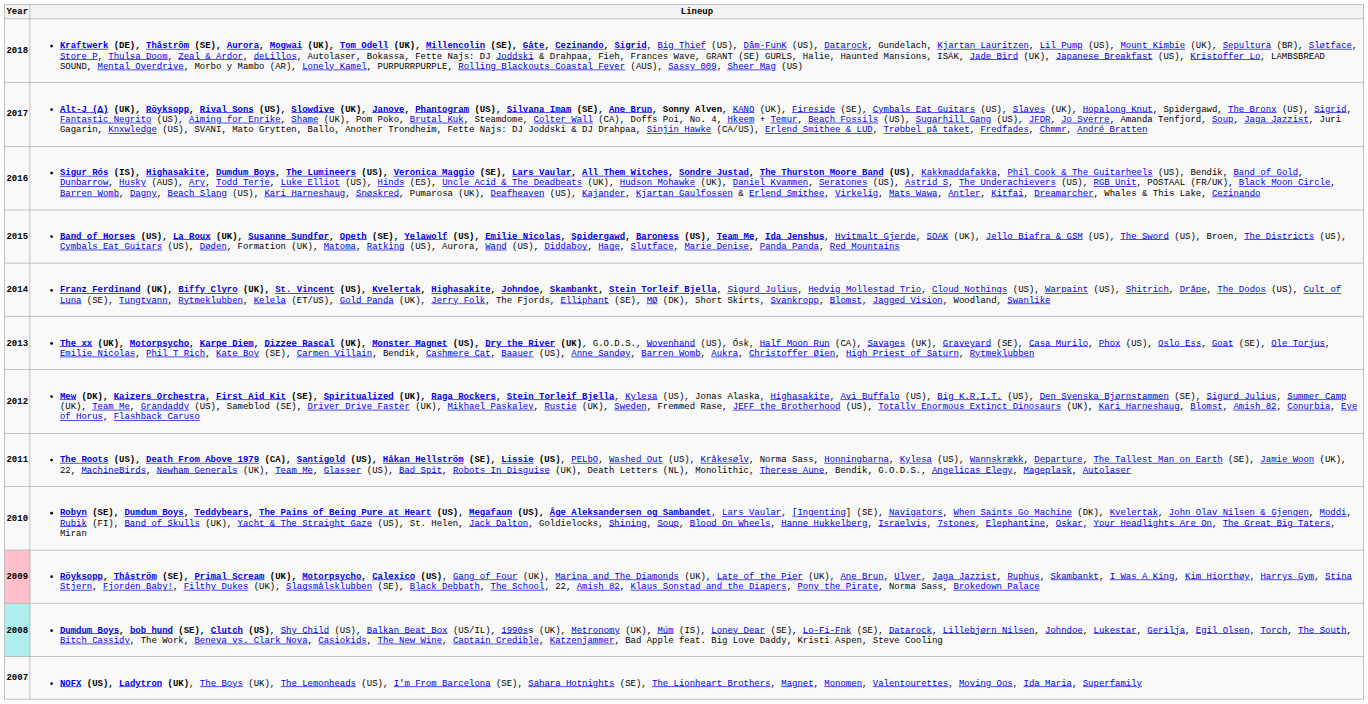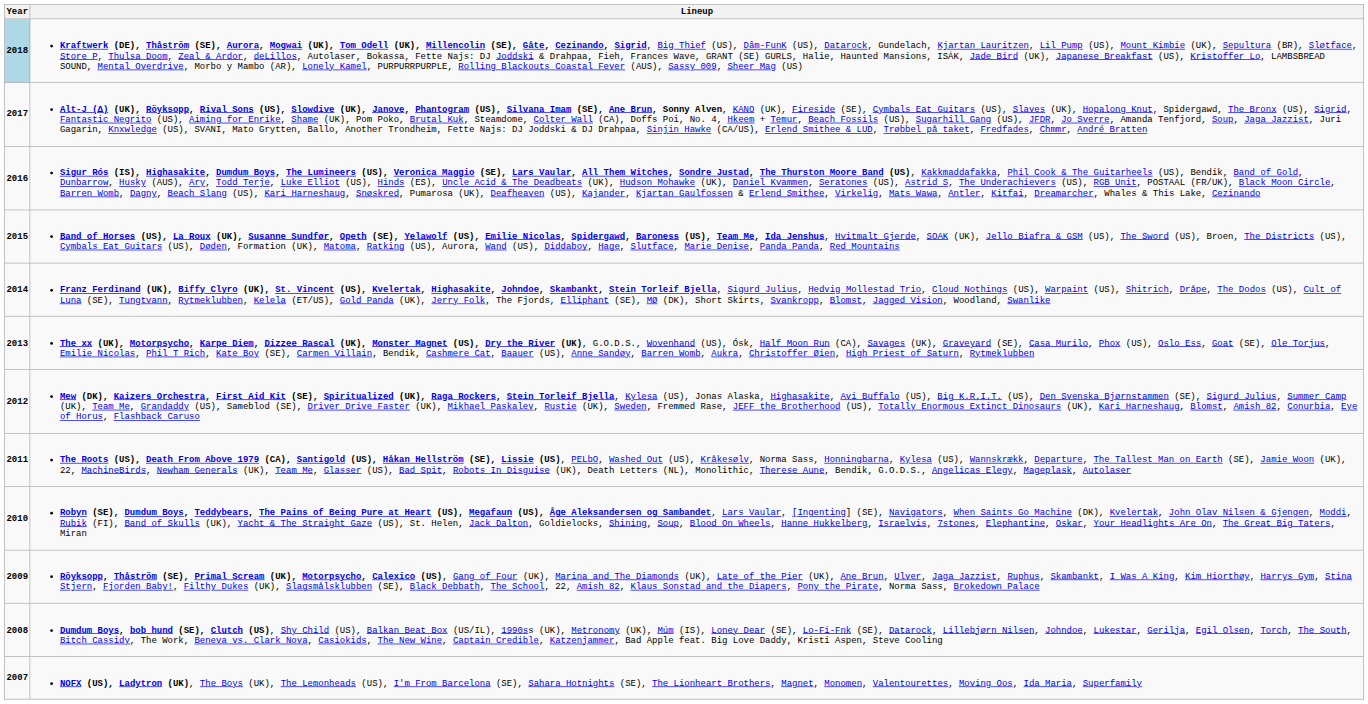 <table class="wikitable">
 <tr>
 <th>Year</th>
 <th>Lineup</th>
 </tr>
 <tr>
-<td><strong>2018</strong></td>
+<td style="background: lightblue;"><strong>2018</strong></td>
 <td><br><ul><li><strong><a href='#'>Kraftwerk</a> (DE), <a href='#'>Thåström</a> (SE), <a href='#'>Aurora</a>, <a href='#'>Mogwai</a> (UK), <a href='#'>Tom Odell</a> (UK), <a href='#'>Millencolin</a> (SE), <a href='#'>Gåte</a>, <a href='#'>Cezinando</a>, <a href='#'>Sigrid</a></strong>, <a href='#'>Big Thief</a> (US), <a href='#'>Dâm-FunK</a> (US), <a href='#'>Datarock</a>, Gundelach, <a href='#'>Kjartan Lauritzen</a>, <a href='#'>Lil Pump</a> (US), <a href='#'>Mount Kimbie</a> (UK), <a href='#'>Sepultura</a> (BR), <a href='#'>Sløtface</a>, <a href='#'>Store P</a>, <a href='#'>Thulsa Doom</a>, <a href='#'>Zeal & Ardor</a>, <a href='#'>deLillos</a>, Autolaser, Bokassa, Fette Najs: DJ <a href='#'>Joddski</a> & Drahpaa, Fieh, Frances Wave, GRANT (SE) GURLS, Halie, Haunted Mansions, ISÁK, <a href='#'>Jade Bird</a> (UK), <a href='#'>Japanese Breakfast</a> (US), <a href='#'>Kristoffer Lo</a>, LAMBSBREAD SOUND, <a href='#'>Mental Overdrive</a>, Morbo y Mambo (AR), <a href='#'>Lonely Kamel</a>, PURPURRPURPLE, <a href='#'>Rolling Blackouts Coastal Fever</a> (AUS), <a href='#'>Sassy 009</a>, <a href='#'>Sheer Mag</a> (US)</li></ul></td>
 </tr>
 <tr>
 <td><strong>2017</strong></td>
 <td><br><ul><li><strong><a href='#'>Alt-J (∆)</a> (UK), <a href='#'>Röyksopp</a>, <a href='#'>Rival Sons</a> (US), <a href='#'>Slowdive</a> (UK), <a href='#'>Janove</a>, <a href='#'>Phantogram</a> (US), <a href='#'>Silvana Imam</a> (SE), <a href='#'>Ane Brun</a>, Sonny Alven</strong>, <a href='#'>KANO</a> (UK), <a href='#'>Fireside</a> (SE), <a href='#'>Cymbals Eat Guitars</a> (US), <a href='#'>Slaves</a> (UK), <a href='#'>Hopalong Knut</a>, Spidergawd, <a href='#'>The Bronx</a> (US), <a href='#'>Sigrid</a>, <a href='#'>Fantastic Negrito</a> (US), <a href='#'>Aiming for Enrike</a>, <a href='#'>Shame</a> (UK), Pom Poko, <a href='#'>Brutal Kuk</a>, Steamdome, <a href='#'>Colter Wall</a> (CA), Doffs Poi, No. 4, <a href='#'>Hkeem</a> + <a href='#'>Temur</a>, <a href='#'>Beach Fossils</a> (US), <a href='#'>Sugarhill Gang</a> (US), <a href='#'>JFDR</a>, <a href='#'>Jo Sverre</a>, Amanda Tenfjord, <a href='#'>Soup</a>, <a href='#'>Jaga Jazzist</a>, Juri Gagarin, <a href='#'>Knxwledge</a> (US), SVANI, Mato Grytten, Ballo, Another Trondheim, Fette Najs: DJ Joddski & DJ Drahpaa, <a href='#'>Sinjin Hawke</a> (CA/US), <a href='#'>Erlend Smithee & LUD</a>, <a href='#'>Trøbbel på taket</a>, <a href='#'>Fredfades</a>, <a href='#'>Chmmr</a>, <a href='#'>André Bratten</a></li></ul></td>
 </tr>
 <tr>
 <td><strong>2016</strong></td>
 <td><br><ul><li><strong><a href='#'>Sigur Rós</a> (IS), <a href='#'>Highasakite</a>, <a href='#'>Dumdum Boys</a>, <a href='#'>The Lumineers</a> (US), <a href='#'>Veronica Maggio</a> (SE), <a href='#'>Lars Vaular</a>, <a href='#'>All Them Witches</a>, <a href='#'>Sondre Justad</a>, <a href='#'>The Thurston Moore Band</a> (US)</strong>, <a href='#'>Kakkmaddafakka</a>, <a href='#'>Phil Cook & The Guitarheels</a> (US), Bendik, <a href='#'>Band of Gold</a>, <a href='#'>Dunbarrow</a>, <a href='#'>Husky</a> (AUS), <a href='#'>Ary</a>, <a href='#'>Todd Terje</a>, <a href='#'>Luke Elliot</a> (US), <a href='#'>Hinds</a> (ES), <a href='#'>Uncle Acid & The Deadbeats</a> (UK), <a href='#'>Hudson Mohawke</a> (UK), <a href='#'>Daniel Kvammen</a>, <a href='#'>Seratones</a> (US), <a href='#'>Astrid S</a>, <a href='#'>The Underachievers</a> (US), <a href='#'>RGB Unit</a>, POSTAAL (FR/UK), <a href='#'>Black Moon Circle</a>, <a href='#'>Barren Womb</a>, <a href='#'>Dagny</a>, <a href='#'>Beach Slang</a> (US), <a href='#'>Kari Harneshaug</a>, <a href='#'>Snøskred</a>, Pumarosa (UK), <a href='#'>Deafheaven</a> (US), <a href='#'>Kajander</a>, <a href='#'>Kjartan Gaulfossen</a> & <a href='#'>Erlend Smithee</a>, <a href='#'>Virkelig</a>, <a href='#'>Mats Wawa</a>, <a href='#'>Antler</a>, <a href='#'>Kitfai</a>, <a href='#'>Dreamarcher</a>, Whales & This Lake, <a href='#'>Cezinando</a></li></ul></td>
 </tr>
 <tr>
 <td><strong>2015</strong></td>
 <td><br><ul><li><strong><a href='#'>Band of Horses</a> (US), <a href='#'>La Roux</a> (UK), <a href='#'>Susanne Sundfør</a>, <a href='#'>Opeth</a> (SE), <a href='#'>Yelawolf</a> (US), <a href='#'>Emilie Nicolas</a>, <a href='#'>Spidergawd</a>, <a href='#'>Baroness</a> (US), <a href='#'>Team Me</a>, <a href='#'>Ida Jenshus</a></strong>, <a href='#'>Hvitmalt Gjerde</a>, <a href='#'>SOAK</a> (UK), <a href='#'>Jello Biafra & GSM</a> (US), <a href='#'>The Sword</a> (US), Broen, <a href='#'>The Districts</a> (US), <a href='#'>Cymbals Eat Guitars</a> (US), <a href='#'>Døden</a>, Formation (UK), <a href='#'>Matoma</a>, <a href='#'>Ratking</a> (US), Aurora, <a href='#'>Wand</a> (US), <a href='#'>Diddaboy</a>, <a href='#'>Hage</a>, <a href='#'>Slutface</a>, <a href='#'>Marie Denise</a>, <a href='#'>Panda Panda</a>, <a href='#'>Red Mountains</a></li></ul></td>
 </tr>
 <tr>
 <td><strong>2014</strong></td>
 <td><br><ul><li><strong><a href='#'>Franz Ferdinand</a> (UK), <a href='#'>Biffy Clyro</a> (UK), <a href='#'>St. Vincent</a> (US), <a href='#'>Kvelertak</a>, <a href='#'>Highasakite</a>, <a href='#'>Johndoe</a>, <a href='#'>Skambankt</a>, <a href='#'>Stein Torleif Bjella</a></strong>, <a href='#'>Sigurd Julius</a>, <a href='#'>Hedvig Mollestad Trio</a>, <a href='#'>Cloud Nothings</a> (US), <a href='#'>Warpaint</a> (US), <a href='#'>Shitrich</a>, <a href='#'>Dråpe</a>, <a href='#'>The Dodos</a> (US), <a href='#'>Cult of Luna</a> (SE), <a href='#'>Tungtvann</a>, <a href='#'>Rytmeklubben</a>, <a href='#'>Kelela</a> (ET/US), <a href='#'>Gold Panda</a> (UK), <a href='#'>Jerry Folk</a>, The Fjords, <a href='#'>Elliphant</a> (SE), <a href='#'>MØ</a> (DK), Short Skirts, <a href='#'>Svankropp</a>, <a href='#'>Blomst</a>, <a href='#'>Jagged Vision</a>, Woodland, <a href='#'>Swanlike</a></li></ul></td>
 </tr>
 <tr>
 <td><strong>2013</strong></td>
 <td><br><ul><li><strong><a href='#'>The xx</a> (UK), <a href='#'>Motorpsycho</a>, <a href='#'>Karpe Diem</a>, <a href='#'>Dizzee Rascal</a> (UK), <a href='#'>Monster Magnet</a> (US), <a href='#'>Dry the River</a> (UK)</strong>, G.O.D.S., <a href='#'>Wovenhand</a> (US), Ósk, <a href='#'>Half Moon Run</a> (CA), <a href='#'>Savages</a> (UK), <a href='#'>Graveyard</a> (SE), <a href='#'>Casa Murilo</a>, <a href='#'>Phox</a> (US), <a href='#'>Oslo Ess</a>, <a href='#'>Goat</a> (SE), <a href='#'>Ole Torjus</a>, <a href='#'>Emilie Nicolas</a>, <a href='#'>Phil T Rich</a>, <a href='#'>Kate Boy</a> (SE), <a href='#'>Carmen Villain</a>, Bendik, <a href='#'>Cashmere Cat</a>, <a href='#'>Baauer</a> (US), <a href='#'>Anne Sandøy</a>, <a href='#'>Barren Womb</a>, <a href='#'>Aukra</a>, <a href='#'>Christoffer Øien</a>, <a href='#'>High Priest of Saturn</a>, <a href='#'>Rytmeklubben</a></li></ul></td>
 </tr>
 <tr>
 <td><strong>2012</strong></td>
 <td><br><ul><li><strong><a href='#'>Mew</a> (DK), <a href='#'>Kaizers Orchestra</a>, <a href='#'>First Aid Kit</a> (SE), <a href='#'>Spiritualized</a> (UK), <a href='#'>Raga Rockers</a>, <a href='#'>Stein Torleif Bjella</a></strong>, <a href='#'>Kylesa</a> (US), Jonas Alaska, <a href='#'>Highasakite</a>, <a href='#'>Avi Buffalo</a> (US), <a href='#'>Big K.R.I.T.</a> (US), <a href='#'>Den Svenska Bjørnstammen</a> (SE), <a href='#'>Sigurd Julius</a>, <a href='#'>Summer Camp</a> (UK), <a href='#'>Team Me</a>, <a href='#'>Grandaddy</a> (US), Sameblod (SE), <a href='#'>Driver Drive Faster</a> (UK), <a href='#'>Mikhael Paskalev</a>, <a href='#'>Rustie</a> (UK), <a href='#'>Sweden</a>, Fremmed Rase, <a href='#'>JEFF the Brotherhood</a> (US), <a href='#'>Totally Enormous Extinct Dinosaurs</a> (UK), <a href='#'>Kari Harneshaug</a>, <a href='#'>Blomst</a>, <a href='#'>Amish 82</a>, <a href='#'>Conurbia</a>, <a href='#'>Eye of Horus</a>, <a href='#'>Flashback Caruso</a></li></ul></td>
 </tr>
 <tr>
 <td><strong>2011</strong></td>
 <td><br><ul><li><strong><a href='#'>The Roots</a> (US), <a href='#'>Death From Above 1979</a> (CA), <a href='#'>Santigold</a> (US), <a href='#'>Håkan Hellström</a> (SE), <a href='#'>Lissie</a> (US)</strong>, <a href='#'>PELbO</a>, <a href='#'>Washed Out</a> (US), <a href='#'>Kråkesølv</a>, Norma Sass, <a href='#'>Honningbarna</a>, <a href='#'>Kylesa</a> (US), <a href='#'>Wannskrækk</a>, <a href='#'>Departure</a>, <a href='#'>The Tallest Man on Earth</a> (SE), <a href='#'>Jamie Woon</a> (UK), 22, <a href='#'>MachineBirds</a>, <a href='#'>Newham Generals</a> (UK), <a href='#'>Team Me</a>, <a href='#'>Glasser</a> (US), <a href='#'>Bad Spit</a>, <a href='#'>Robots In Disguise</a> (UK), Death Letters (NL), Monolithic, <a href='#'>Therese Aune</a>, Bendik, G.O.D.S., <a href='#'>Angelicas Elegy</a>, <a href='#'>Mageplask</a>, <a href='#'>Autolaser</a></li></ul></td>
 </tr>
 <tr>
 <td><strong>2010</strong></td>
 <td><br><ul><li><strong><a href='#'>Robyn</a> (SE), <a href='#'>Dumdum Boys</a>, <a href='#'>Teddybears</a>, <a href='#'>The Pains of Being Pure at Heart</a> (US), <a href='#'>Megafaun</a> (US), <a href='#'>Åge Aleksandersen og Sambandet</a></strong>, <a href='#'>Lars Vaular</a>, <a href='#'>[Ingenting</a>] (SE), <a href='#'>Navigators</a>, <a href='#'>When Saints Go Machine</a> (DK), <a href='#'>Kvelertak</a>, <a href='#'>John Olav Nilsen & Gjengen</a>, <a href='#'>Moddi</a>, <a href='#'>Rubik</a> (FI), <a href='#'>Band of Skulls</a> (UK), <a href='#'>Yacht & The Straight Gaze</a> (US), St. Helen, <a href='#'>Jack Dalton</a>, Goldielocks, <a href='#'>Shining</a>, <a href='#'>Soup</a>, <a href='#'>Blood On Wheels</a>, <a href='#'>Hanne Hukkelberg</a>, <a href='#'>Israelvis</a>, <a href='#'>7stones</a>, <a href='#'>Elephantine</a>, <a href='#'>Oskar</a>, <a href='#'>Your Headlights Are On</a>, <a href='#'>The Great Big Taters</a>, Miran</li></ul></td>
 </tr>
 <tr>
-<td style="background: pink;"><strong>2009</strong></td>
+<td><strong>2009</strong></td>
 <td><br><ul><li><strong><a href='#'>Röyksopp</a>, <a href='#'>Thåström</a> (SE), <a href='#'>Primal Scream</a> (UK), <a href='#'>Motorpsycho</a>, <a href='#'>Calexico</a> (US)</strong>, <a href='#'>Gang of Four</a> (UK), <a href='#'>Marina and The Diamonds</a> (UK), <a href='#'>Late of the Pier</a> (UK), <a href='#'>Ane Brun</a>, <a href='#'>Ulver</a>, <a href='#'>Jaga Jazzist</a>, <a href='#'>Ruphus</a>, <a href='#'>Skambankt</a>, <a href='#'>I Was A King</a>, <a href='#'>Kim Hiorthøy</a>, <a href='#'>Harrys Gym</a>, <a href='#'>Stina Stjern</a>, <a href='#'>Fjorden Baby!</a>, <a href='#'>Filthy Dukes</a> (UK), <a href='#'>Slagsmålsklubben</a> (SE), <a href='#'>Black Debbath</a>, <a href='#'>The School</a>, 22, <a href='#'>Amish 82</a>, <a href='#'>Klaus Sonstad and the Diapers</a>, <a href='#'>Pony the Pirate</a>, Norma Sass, <a href='#'>Brokedown Palace</a></li></ul></td>
 </tr>
 <tr>
-<td style="background: paleturquoise;"><strong>2008</strong></td>
+<td><strong>2008</strong></td>
 <td><br><ul><li><strong><a href='#'>Dumdum Boys</a>, <a href='#'>bob hund</a> (SE), <a href='#'>Clutch</a> (US)</strong>, <a href='#'>Shy Child</a> (US), <a href='#'>Balkan Beat Box</a> (US/IL), <a href='#'>1990s</a>s (UK), <a href='#'>Metronomy</a> (UK), <a href='#'>Múm</a> (IS), <a href='#'>Loney Dear</a> (SE), <a href='#'>Lo-Fi-Fnk</a> (SE), <a href='#'>Datarock</a>, <a href='#'>Lillebjørn Nilsen</a>, <a href='#'>Johndoe</a>, <a href='#'>Lukestar</a>, <a href='#'>Gerilja</a>, <a href='#'>Egil Olsen</a>, <a href='#'>Torch</a>, <a href='#'>The South</a>, <a href='#'>Bitch Cassidy</a>, The Work, <a href='#'>Beneva vs. Clark Nova</a>, <a href='#'>Casiokids</a>, <a href='#'>The New Wine</a>, <a href='#'>Captain Credible</a>, <a href='#'>Katzenjammer</a>, Bad Apple feat. Big Love Daddy, Kristi Aspen, Steve Cooling</li></ul></td>
 </tr>
 <tr>
 <td><strong>2007</strong></td>
 <td><br><ul><li><strong><a href='#'>NOFX</a> (US), <a href='#'>Ladytron</a> (UK)</strong>, <a href='#'>The Boys</a> (UK), <a href='#'>The Lemonheads</a> (US), <a href='#'>I'm From Barcelona</a> (SE), <a href='#'>Sahara Hotnights</a> (SE), <a href='#'>The Lionheart Brothers</a>, <a href='#'>Magnet</a>, <a href='#'>Monomen</a>, <a href='#'>Valentourettes</a>, <a href='#'>Moving Oos</a>, <a href='#'>Ida Maria</a>, <a href='#'>Superfamily</a></li></ul></td>
 </tr>
 </table>
